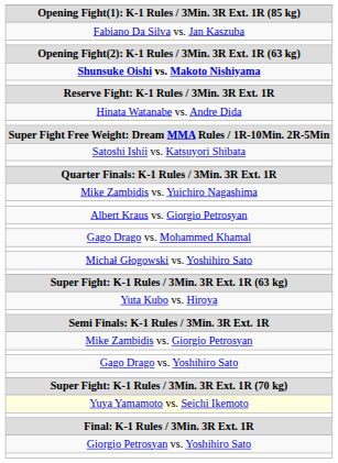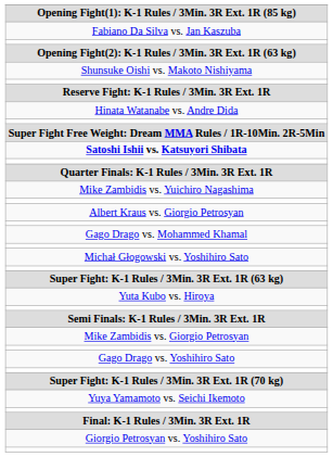 <table class="wikitable" style="clear:both; margin:1.5em auto; text-align:center;">
 <tr>
 </tr>
 <tr style="text-align:center; background:#ddd;">
 <td><strong>Opening Fight(1): K-1 Rules / 3Min. 3R Ext. 1R (85 kg)</strong></td>
 </tr>
 <tr>
 <td align=center> <a href='#'>Fabiano Da Silva</a> vs. <a href='#'>Jan Kaszuba</a> </td>
 </tr>
 <tr>
 <th style=background:white colspan=2></th>
 </tr>
 <tr style="text-align:center; background:#ddd;">
 <td><strong>Opening Fight(2): K-1 Rules / 3Min. 3R Ext. 1R (63 kg)</strong></td>
 </tr>
 <tr>
-<td align=center><strong> <a href='#'>Shunsuke Oishi</a> vs. <a href='#'>Makoto Nishiyama</a> </strong></td>
+<td align=center> <a href='#'>Shunsuke Oishi</a> vs. <a href='#'>Makoto Nishiyama</a> </td>
 </tr>
 <tr>
 <th style=background:white colspan=2></th>
 </tr>
 <tr style="text-align:center; background:#ddd;">
 <td><strong>Reserve Fight: K-1 Rules / 3Min. 3R Ext. 1R</strong></td>
 </tr>
 <tr>
 <td align=center> <a href='#'>Hinata Watanabe</a> vs. <a href='#'>Andre Dida</a> </td>
 </tr>
 <tr>
 <th style=background:white colspan=2></th>
 </tr>
 <tr style="text-align:center; background:#ddd;">
 <td><strong>Super Fight Free Weight: Dream <a href='#'>MMA</a> Rules / 1R-10Min. 2R-5Min</strong></td>
 </tr>
 <tr style="text-align:center;"  bgcolor=>
-<td align=center> <a href='#'>Satoshi Ishii</a> vs. <a href='#'>Katsuyori Shibata</a> </td>
+<td align=center><strong> <a href='#'>Satoshi Ishii</a> vs. <a href='#'>Katsuyori Shibata</a> </strong></td>
 </tr>
 <tr>
 <th style=background:white colspan=2></th>
 </tr>
 <tr style="text-align:center; background:#ddd;">
 <td><strong>Quarter Finals: K-1 Rules / 3Min. 3R Ext. 1R</strong></td>
 </tr>
 <tr style="text-align:center;"  bgcolor=>
 <td align=center> <a href='#'>Mike Zambidis</a> vs. <a href='#'>Yuichiro Nagashima</a> </td>
 </tr>
 <tr>
 <th style=background:white colspan=2></th>
 </tr>
 <tr style="text-align:center;"  bgcolor=>
 <td align=center> <a href='#'>Albert Kraus</a> vs. <a href='#'>Giorgio Petrosyan</a> </td>
 </tr>
 <tr>
 <th style=background:white colspan=2></th>
 </tr>
 <tr style="text-align:center;"  bgcolor=>
 <td align=center> <a href='#'>Gago Drago</a> vs. <a href='#'>Mohammed Khamal</a> </td>
 </tr>
 <tr>
 <th style=background:white colspan=2></th>
 </tr>
 <tr style="text-align:center;"  bgcolor=>
 <td align=center> <a href='#'>Michał Głogowski</a> vs. <a href='#'>Yoshihiro Sato</a> </td>
 </tr>
 <tr>
 <th style=background:white colspan=2></th>
 </tr>
 <tr style="text-align:center; background:#ddd;">
 <td><strong>Super Fight: K-1 Rules / 3Min. 3R Ext. 1R (63 kg)</strong></td>
 </tr>
 <tr>
 <td align=center> <a href='#'>Yuta Kubo</a> vs. <a href='#'>Hiroya</a> </td>
 </tr>
 <tr>
 <th style=background:white colspan=2></th>
 </tr>
 <tr style="text-align:center; background:#ddd;">
 <td><strong>Semi Finals: K-1 Rules / 3Min. 3R Ext. 1R</strong></td>
 </tr>
 <tr style="text-align:center;"  bgcolor=>
 <td align=center> <a href='#'>Mike Zambidis</a> vs. <a href='#'>Giorgio Petrosyan</a> </td>
 </tr>
 <tr>
 <th style=background:white colspan=2></th>
 </tr>
 <tr style="text-align:center;"  bgcolor=>
 <td align=center> <a href='#'>Gago Drago</a> vs. <a href='#'>Yoshihiro Sato</a> </td>
 </tr>
 <tr>
 <th style=background:white colspan=2></th>
 </tr>
 <tr style="text-align:center; background:#ddd;">
 <td><strong>Super Fight: K-1 Rules / 3Min. 3R Ext. 1R (70 kg)</strong></td>
 </tr>
 <tr>
-<td align=center style="background: lightyellow;"> <a href='#'>Yuya Yamamoto</a> vs. <a href='#'>Seichi Ikemoto</a> </td>
+<td align=center> <a href='#'>Yuya Yamamoto</a> vs. <a href='#'>Seichi Ikemoto</a> </td>
 </tr>
 <tr>
 <th style=background:white colspan=2></th>
 </tr>
 <tr style="text-align:center; background:#ddd;">
 <td><strong>Final: K-1 Rules / 3Min. 3R Ext. 1R</strong></td>
 </tr>
 <tr style="text-align:center;"  bgcolor=>
 <td align=center> <a href='#'>Giorgio Petrosyan</a> vs. <a href='#'>Yoshihiro Sato</a> </td>
 </tr>
 <tr>
 <th style=background:white colspan=2></th>
 </tr>
 </table>
